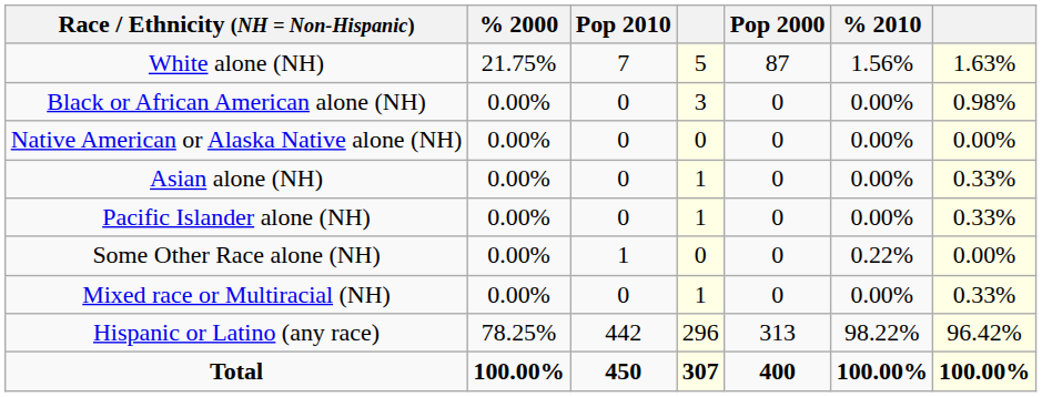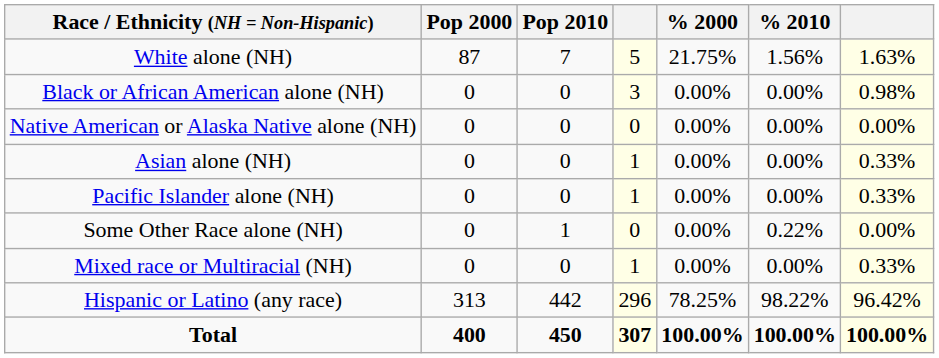 <table class="wikitable" style="text-align:center;">
 <tr>
 <th>Race / Ethnicity <small>(<em>NH = Non-Hispanic</em>)</small></th>
-<th>% 2000</th>
+<th>Pop 2000</th>
 <th>Pop 2010</th>
 <th></th>
-<th>Pop 2000</th>
+<th>% 2000</th>
 <th>% 2010</th>
 <th></th>
 </tr>
 <tr>
 <td><a href='#'>White</a> alone (NH)</td>
-<td>21.75%</td>
+<td>87</td>
 <td>7</td>
 <td style='background: #ffffe6;'>5</td>
-<td>87</td>
+<td>21.75%</td>
 <td>1.56%</td>
 <td style='background: #ffffe6;'>1.63%</td>
 </tr>
 <tr>
 <td><a href='#'>Black or African American</a> alone (NH)</td>
-<td>0.00%</td>
+<td>0</td>
 <td>0</td>
 <td style='background: #ffffe6;'>3</td>
-<td>0</td>
+<td>0.00%</td>
 <td>0.00%</td>
 <td style='background: #ffffe6;'>0.98%</td>
 </tr>
 <tr>
 <td><a href='#'>Native American</a> or <a href='#'>Alaska Native</a> alone (NH)</td>
-<td>0.00%</td>
+<td>0</td>
 <td>0</td>
 <td style='background: #ffffe6;'>0</td>
-<td>0</td>
+<td>0.00%</td>
 <td>0.00%</td>
 <td style='background: #ffffe6;'>0.00%</td>
 </tr>
 <tr>
 <td><a href='#'>Asian</a> alone (NH)</td>
-<td>0.00%</td>
+<td>0</td>
 <td>0</td>
 <td style='background: #ffffe6;'>1</td>
-<td>0</td>
+<td>0.00%</td>
 <td>0.00%</td>
 <td style='background: #ffffe6;'>0.33%</td>
 </tr>
 <tr>
 <td><a href='#'>Pacific Islander</a> alone (NH)</td>
-<td>0.00%</td>
+<td>0</td>
 <td>0</td>
 <td style='background: #ffffe6;'>1</td>
-<td>0</td>
+<td>0.00%</td>
 <td>0.00%</td>
 <td style='background: #ffffe6;'>0.33%</td>
 </tr>
 <tr>
 <td>Some Other Race alone (NH)</td>
-<td>0.00%</td>
+<td>0</td>
 <td>1</td>
 <td style='background: #ffffe6;'>0</td>
-<td>0</td>
+<td>0.00%</td>
 <td>0.22%</td>
 <td style='background: #ffffe6;'>0.00%</td>
 </tr>
 <tr>
 <td><a href='#'>Mixed race or Multiracial</a> (NH)</td>
-<td>0.00%</td>
+<td>0</td>
 <td>0</td>
 <td style='background: #ffffe6;'>1</td>
-<td>0</td>
+<td>0.00%</td>
 <td>0.00%</td>
 <td style='background: #ffffe6;'>0.33%</td>
 </tr>
 <tr>
 <td><a href='#'>Hispanic or Latino</a> (any race)</td>
-<td>78.25%</td>
+<td>313</td>
 <td>442</td>
 <td style='background: #ffffe6;'>296</td>
-<td>313</td>
+<td>78.25%</td>
 <td>98.22%</td>
 <td style='background: #ffffe6;'>96.42%</td>
 </tr>
 <tr>
 <td><strong>Total</strong></td>
-<td><strong>100.00%</strong></td>
+<td><strong>400</strong></td>
 <td><strong>450</strong></td>
 <td style='background: #ffffe6;'><strong>307</strong></td>
-<td><strong>400</strong></td>
+<td><strong>100.00%</strong></td>
 <td><strong>100.00%</strong></td>
 <td style='background: #ffffe6;'><strong>100.00%</strong></td>
 </tr>
 </table>
